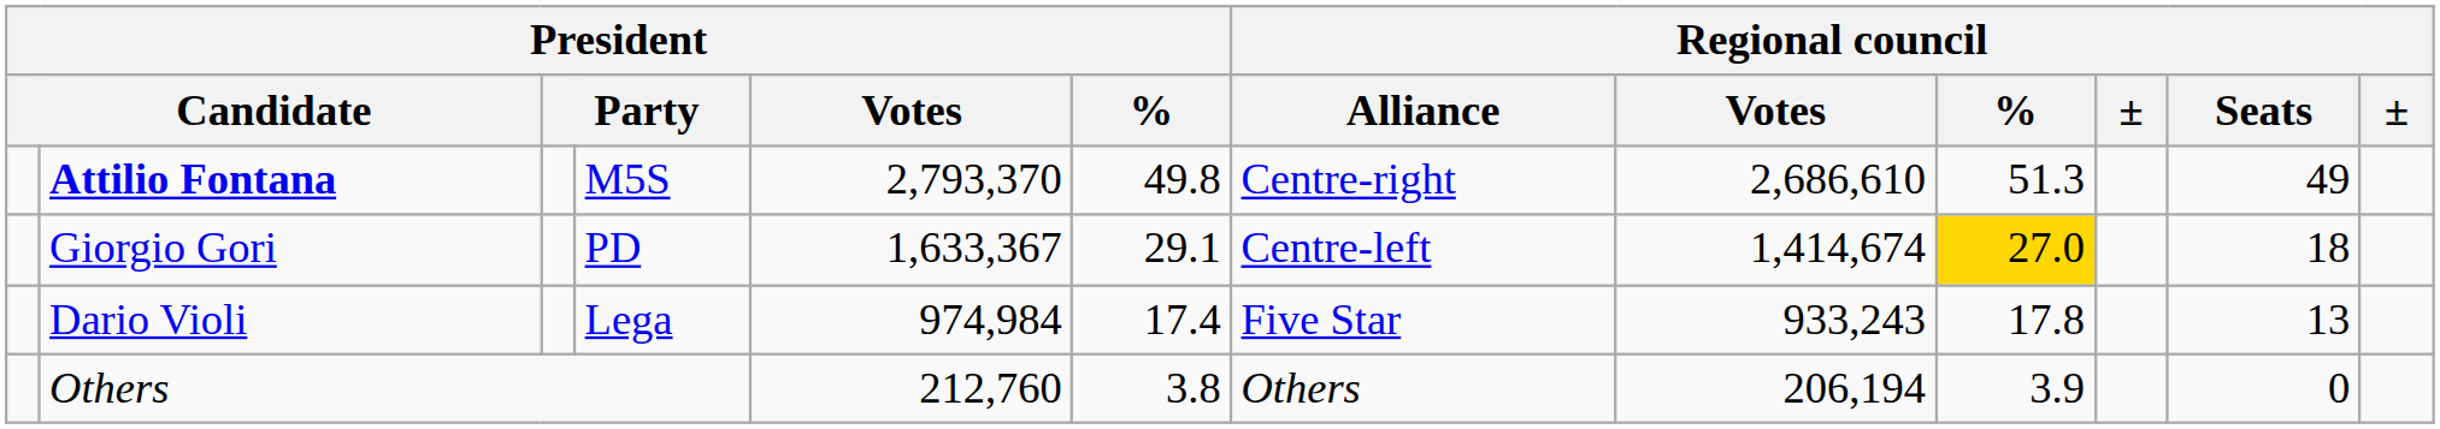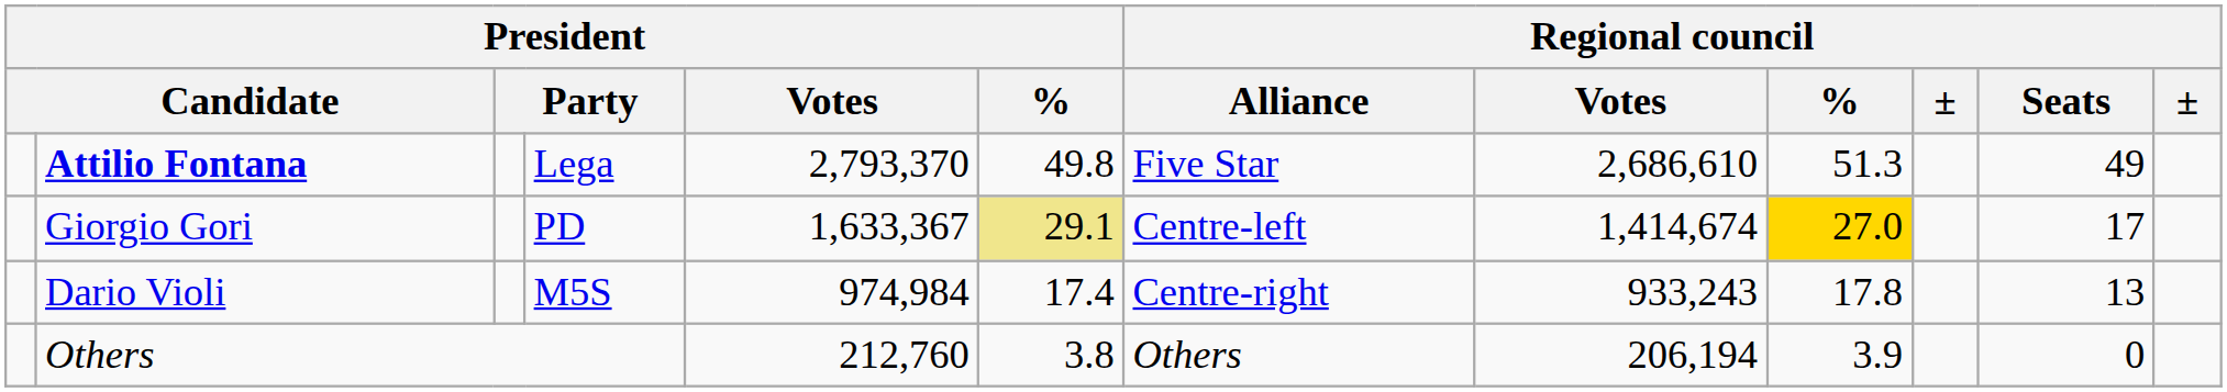 <table class="wikitable" style="text-align:right; style="width=70%">
 <tr>
 <th colspan="6">President</th>
 <th colspan="6">Regional council</th>
 </tr>
 <tr>
 <th colspan="2">Candidate</th>
 <th colspan="2">Party</th>
 <th>Votes</th>
 <th>%</th>
 <th>Alliance</th>
 <th>Votes</th>
 <th>%</th>
 <th>±</th>
 <th>Seats</th>
 <th>±</th>
 </tr>
 <tr>
 <td></td>
 <td style="text-align:left"><strong><a href='#'>Attilio Fontana</a></strong></td>
 <td></td>
-<td style="text-align:left"><a href='#'>M5S</a></td>
+<td style="text-align:left"><a href='#'>Lega</a></td>
 <td>2,793,370</td>
 <td>49.8</td>
-<td style="text-align:left"><a href='#'>Centre-right</a></td>
+<td style="text-align:left"><a href='#'>Five Star</a></td>
 <td>2,686,610</td>
 <td>51.3</td>
 <td></td>
 <td>49</td>
 <td></td>
 </tr>
 <tr>
 <td></td>
 <td style="text-align:left"><a href='#'>Giorgio Gori</a></td>
 <td></td>
 <td style="text-align:left"><a href='#'>PD</a></td>
 <td>1,633,367</td>
-<td>29.1</td>
+<td style="background: khaki;">29.1</td>
 <td style="text-align:left"><a href='#'>Centre-left</a></td>
 <td>1,414,674</td>
 <td style="background: gold;">27.0</td>
 <td></td>
-<td>18</td>
+<td>17</td>
 <td></td>
 </tr>
 <tr>
 <td></td>
 <td style="text-align:left"><a href='#'>Dario Violi</a></td>
 <td></td>
-<td style="text-align:left"><a href='#'>Lega</a></td>
+<td style="text-align:left"><a href='#'>M5S</a></td>
 <td>974,984</td>
 <td>17.4</td>
-<td style="text-align:left"><a href='#'>Five Star</a></td>
+<td style="text-align:left"><a href='#'>Centre-right</a></td>
 <td>933,243</td>
 <td>17.8</td>
 <td></td>
 <td>13</td>
 <td></td>
 </tr>
 <tr>
 <td></td>
 <td colspan="3" style="text-align:left"><em>Others</em></td>
 <td>212,760</td>
 <td>3.8</td>
 <td style="text-align:left"><em>Others</em></td>
 <td>206,194</td>
 <td>3.9</td>
 <td></td>
 <td>0</td>
 <td></td>
 </tr>
 </table>
